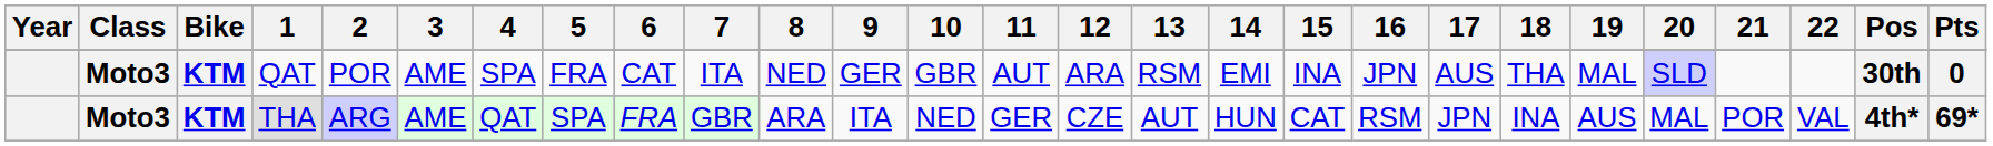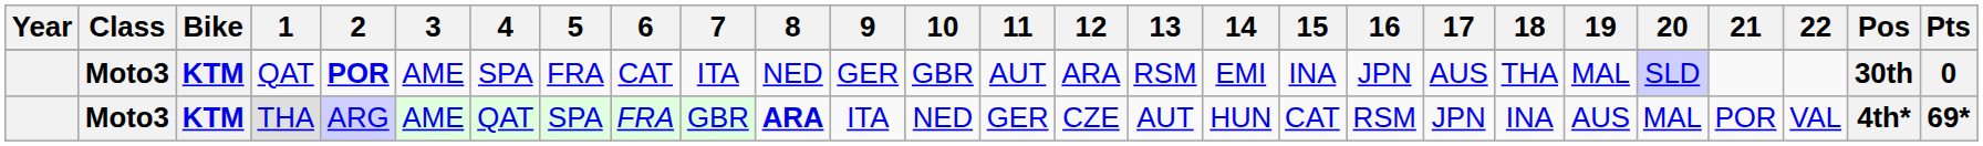 <table class="wikitable" style="text-align:center;">
 <tr>
 <th>Year</th>
 <th>Class</th>
 <th>Bike</th>
 <th>1</th>
 <th>2</th>
 <th>3</th>
 <th>4</th>
 <th>5</th>
 <th>6</th>
 <th>7</th>
 <th>8</th>
 <th>9</th>
 <th>10</th>
 <th>11</th>
 <th>12</th>
 <th>13</th>
 <th>14</th>
 <th>15</th>
 <th>16</th>
 <th>17</th>
 <th>18</th>
 <th>19</th>
 <th>20</th>
 <th>21</th>
 <th>22</th>
 <th>Pos</th>
 <th>Pts</th>
 </tr>
 <tr>
 </tr>
 <tr>
 <th></th>
 <th>Moto3</th>
 <th><a href='#'>KTM</a></th>
 <td><a href='#'>QAT</a></td>
-<td><a href='#'>POR</a></td>
+<td><strong><a href='#'>POR</a></strong></td>
 <td><a href='#'>AME</a></td>
 <td><a href='#'>SPA</a></td>
 <td><a href='#'>FRA</a></td>
 <td><a href='#'>CAT</a></td>
 <td><a href='#'>ITA</a></td>
 <td><a href='#'>NED</a></td>
 <td><a href='#'>GER</a></td>
 <td><a href='#'>GBR</a></td>
 <td><a href='#'>AUT</a></td>
 <td><a href='#'>ARA</a></td>
 <td><a href='#'>RSM</a></td>
 <td><a href='#'>EMI</a></td>
 <td><a href='#'>INA</a></td>
 <td><a href='#'>JPN</a></td>
 <td><a href='#'>AUS</a></td>
 <td><a href='#'>THA</a></td>
 <td><a href='#'>MAL</a></td>
 <td style="background:#CFCFFF;"><a href='#'>SLD</a><br></td>
 <td></td>
 <td></td>
 <th>30th</th>
 <th>0</th>
 </tr>
 <tr>
 <th></th>
 <th>Moto3</th>
 <th><a href='#'>KTM</a></th>
 <td style="background:#DFDFDF;"><a href='#'>THA</a><br></td>
 <td style="background:#CFCFFF;"><a href='#'>ARG</a><br></td>
 <td style="background:#DFFFDF;"><a href='#'>AME</a><br></td>
 <td style="background:#DFFFDF;"><a href='#'>QAT</a><br></td>
 <td style="background:#DFFFDF;"><a href='#'>SPA</a><br></td>
 <td style="background:#DFFFDF;"><em><a href='#'>FRA</a></em><br></td>
 <td style="background:#DFFFDF;"><a href='#'>GBR</a><br></td>
-<td style="background:#;"><a href='#'>ARA</a><br></td>
+<td style="background:#;"><strong><a href='#'>ARA</a><br></strong></td>
 <td style="background:#;"><a href='#'>ITA</a><br></td>
 <td style="background:#;"><a href='#'>NED</a><br></td>
 <td style="background:#;"><a href='#'>GER</a><br></td>
 <td style="background:#;"><a href='#'>CZE</a><br></td>
 <td style="background:#;"><a href='#'>AUT</a><br></td>
 <td style="background:#;"><a href='#'>HUN</a><br></td>
 <td style="background:#;"><a href='#'>CAT</a><br></td>
 <td style="background:#;"><a href='#'>RSM</a><br></td>
 <td style="background:#;"><a href='#'>JPN</a><br></td>
 <td style="background:#;"><a href='#'>INA</a><br></td>
 <td style="background:#;"><a href='#'>AUS</a><br></td>
 <td style="background:#;"><a href='#'>MAL</a><br></td>
 <td style="background:#;"><a href='#'>POR</a><br></td>
 <td style="background:#;"><a href='#'>VAL</a><br></td>
 <th>4th*</th>
 <th>69*</th>
 </tr>
 </table>
